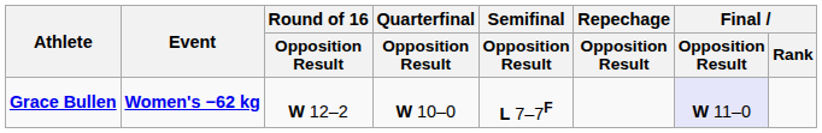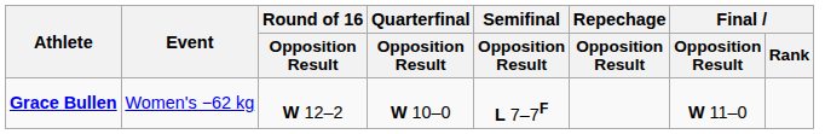 <table class="wikitable" style="font-size:90%">
 <tr>
 <th rowspan=2>Athlete</th>
 <th rowspan=2>Event</th>
 <th>Round of 16</th>
 <th>Quarterfinal</th>
 <th>Semifinal</th>
 <th>Repechage</th>
 <th colspan=2>Final / </th>
 </tr>
 <tr style="font-size: 95%">
 <th>Opposition<br>Result</th>
 <th>Opposition<br>Result</th>
 <th>Opposition<br>Result</th>
 <th>Opposition<br>Result</th>
 <th>Opposition<br>Result</th>
 <th>Rank</th>
 </tr>
 <tr align=center>
 <td align=left><strong><a href='#'>Grace Bullen</a></strong></td>
-<td align=left><strong><a href='#'>Women's −62 kg</a></strong></td>
+<td align=left><a href='#'>Women's −62 kg</a></td>
 <td><br><strong>W</strong> 12–2</td>
 <td><br><strong>W</strong> 10–0</td>
 <td><br><strong>L</strong> 7–7<sup><strong>F</strong></sup></td>
 <td></td>
-<td style="background: lavender;"><br><strong>W</strong> 11–0</td>
+<td><br><strong>W</strong> 11–0</td>
 <td></td>
 </tr>
 </table>
